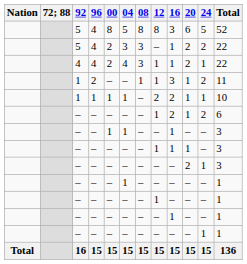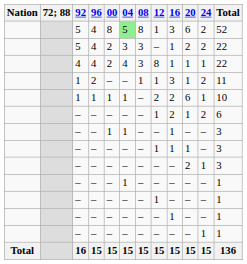 <table class=wikitable collapsible autocollapse plainrowheaders>
 <tr>
 <th>Nation</th>
 <th class=unsortable><span>72; 88</span></th>
 <th><a href='#'>92</a></th>
 <th><a href='#'>96</a></th>
 <th><a href='#'>00</a></th>
 <th><a href='#'>04</a></th>
 <th><a href='#'>08</a></th>
 <th><a href='#'>12</a></th>
 <th><a href='#'>16</a></th>
 <th><a href='#'>20</a></th>
 <th><a href='#'>24</a></th>
 <th>Total</th>
 </tr>
 <tr>
 <td align=left></td>
 <td style="background:#ddd"></td>
 <td>5</td>
 <td>4</td>
 <td>8</td>
-<td>5</td>
+<td style="background: lightgreen;">5</td>
 <td>8</td>
-<td>8</td>
+<td>1</td>
 <td>3</td>
 <td>6</td>
-<td>5</td>
+<td>2</td>
 <td>52</td>
 </tr>
 <tr>
 <td align=left></td>
 <td style="background:#ddd"></td>
 <td>5</td>
 <td>4</td>
 <td>2</td>
 <td>3</td>
 <td>3</td>
 <td>–</td>
 <td>1</td>
 <td>2</td>
 <td>2</td>
 <td>22</td>
 </tr>
 <tr>
 <td align=left></td>
 <td style="background:#ddd"></td>
 <td>4</td>
 <td>4</td>
 <td>2</td>
 <td>4</td>
 <td>3</td>
+<td>8</td>
 <td>1</td>
 <td>1</td>
-<td>2</td>
 <td>1</td>
 <td>22</td>
 </tr>
 <tr>
 <td align=left></td>
 <td style="background:#ddd"></td>
 <td>1</td>
 <td>2</td>
 <td>–</td>
 <td>–</td>
 <td>1</td>
 <td>1</td>
 <td>3</td>
 <td>1</td>
 <td>2</td>
 <td>11</td>
 </tr>
 <tr>
 <td align=left></td>
 <td style="background:#ddd"></td>
 <td>1</td>
 <td>1</td>
 <td>1</td>
 <td>1</td>
 <td>–</td>
 <td>2</td>
 <td>2</td>
-<td>1</td>
+<td>6</td>
 <td>1</td>
 <td>10</td>
 </tr>
 <tr>
 <td align=left></td>
 <td style="background:#ddd"></td>
 <td>–</td>
 <td>–</td>
 <td>–</td>
 <td>–</td>
 <td>–</td>
 <td>1</td>
 <td>2</td>
 <td>1</td>
 <td>2</td>
 <td>6</td>
 </tr>
 <tr>
 <td align=left></td>
 <td style="background:#ddd"></td>
 <td>–</td>
 <td>–</td>
 <td>1</td>
 <td>1</td>
 <td>–</td>
 <td>–</td>
 <td>1</td>
 <td>–</td>
 <td>–</td>
 <td>3</td>
 </tr>
 <tr>
 <td align=left></td>
 <td style="background:#ddd"></td>
 <td>–</td>
 <td>–</td>
 <td>–</td>
 <td>–</td>
 <td>–</td>
 <td>1</td>
 <td>1</td>
 <td>1</td>
 <td>–</td>
 <td>3</td>
 </tr>
 <tr>
 <td align=left></td>
 <td style="background:#ddd"></td>
 <td>–</td>
 <td>–</td>
 <td>–</td>
 <td>–</td>
 <td>–</td>
 <td>–</td>
 <td>–</td>
 <td>2</td>
 <td>1</td>
 <td>3</td>
 </tr>
 <tr>
 <td align=left></td>
 <td style="background:#ddd"></td>
 <td>–</td>
 <td>–</td>
 <td>–</td>
 <td>1</td>
 <td>–</td>
 <td>–</td>
 <td>–</td>
 <td>–</td>
 <td>–</td>
 <td>1</td>
 </tr>
 <tr>
 <td align=left></td>
 <td style="background:#ddd"></td>
 <td>–</td>
 <td>–</td>
 <td>–</td>
 <td>–</td>
 <td>–</td>
 <td>1</td>
 <td>–</td>
 <td>–</td>
 <td>–</td>
 <td>1</td>
 </tr>
 <tr>
 <td align=left></td>
 <td style="background:#ddd"></td>
 <td>–</td>
 <td>–</td>
 <td>–</td>
 <td>–</td>
 <td>–</td>
 <td>–</td>
 <td>1</td>
 <td>–</td>
 <td>–</td>
 <td>1</td>
 </tr>
 <tr>
 <td align=left></td>
 <td style="background:#ddd"></td>
 <td>–</td>
 <td>–</td>
 <td>–</td>
 <td>–</td>
 <td>–</td>
 <td>–</td>
 <td>–</td>
 <td>–</td>
 <td>1</td>
 <td>1</td>
 </tr>
 <tr>
 <th>Total</th>
 <th style="background:#ddd"></th>
 <th>16</th>
 <th>15</th>
 <th>15</th>
 <th>15</th>
 <th>15</th>
 <th>15</th>
 <th>15</th>
 <th>15</th>
 <th>15</th>
 <th>136</th>
 </tr>
 </table>
